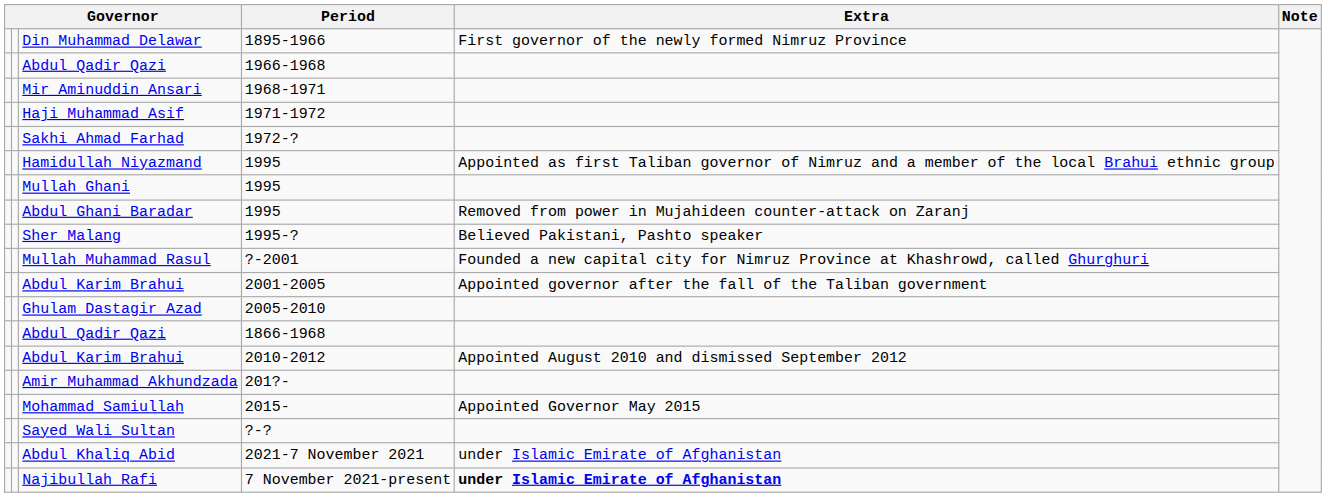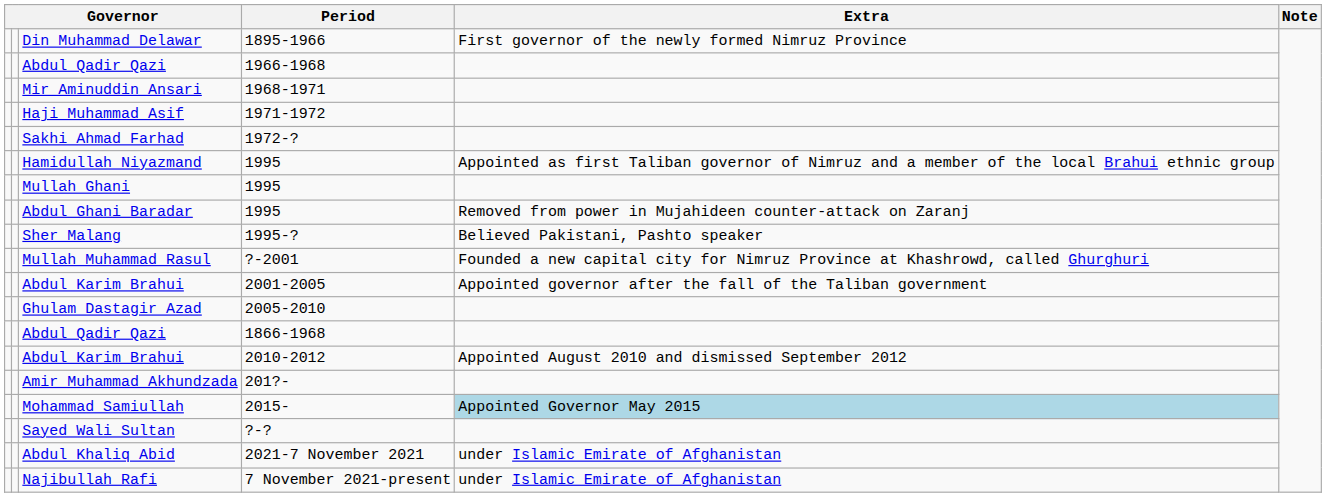 <table class="wikitable">
 <tr>
 <th colspan="3">Governor</th>
 <th>Period</th>
 <th>Extra</th>
 <th>Note</th>
 </tr>
 <tr>
 <td></td>
 <td></td>
 <td><a href='#'>Din Muhammad Delawar</a></td>
 <td>1895-1966</td>
 <td>First governor of the newly formed Nimruz Province</td>
 </tr>
 <tr>
 <td></td>
 <td></td>
 <td><a href='#'>Abdul Qadir Qazi</a></td>
 <td>1966-1968</td>
 <td></td>
 </tr>
 <tr>
 <td></td>
 <td></td>
 <td><a href='#'>Mir Aminuddin Ansari</a></td>
 <td>1968-1971</td>
 <td></td>
 </tr>
 <tr>
 <td></td>
 <td></td>
 <td><a href='#'>Haji Muhammad Asif</a></td>
 <td>1971-1972</td>
 <td></td>
 </tr>
 <tr>
 <td></td>
 <td></td>
 <td><a href='#'>Sakhi Ahmad Farhad</a></td>
 <td>1972-?</td>
 <td></td>
 </tr>
 <tr>
 <td></td>
 <td></td>
 <td><a href='#'>Hamidullah Niyazmand</a></td>
 <td>1995</td>
 <td>Appointed as first Taliban governor of Nimruz and a member of the local <a href='#'>Brahui</a> ethnic group</td>
 </tr>
 <tr>
 <td></td>
 <td></td>
 <td><a href='#'>Mullah Ghani</a></td>
 <td>1995</td>
 <td></td>
 </tr>
 <tr>
 <td></td>
 <td></td>
 <td><a href='#'>Abdul Ghani Baradar</a></td>
 <td>1995</td>
 <td>Removed from power in Mujahideen counter-attack on Zaranj</td>
 </tr>
 <tr>
 <td></td>
 <td></td>
 <td><a href='#'>Sher Malang</a></td>
 <td>1995-?</td>
 <td>Believed Pakistani, Pashto speaker</td>
 </tr>
 <tr>
 <td></td>
 <td></td>
 <td><a href='#'>Mullah Muhammad Rasul</a></td>
 <td>?-2001</td>
 <td>Founded a new capital city for Nimruz Province at Khashrowd, called <a href='#'>Ghurghuri</a></td>
 </tr>
 <tr>
 <td></td>
 <td></td>
 <td><a href='#'>Abdul Karim Brahui</a></td>
 <td>2001-2005</td>
 <td>Appointed governor after the fall of the Taliban government</td>
 </tr>
 <tr>
 <td></td>
 <td></td>
 <td><a href='#'>Ghulam Dastagir Azad</a></td>
 <td>2005-2010</td>
 <td></td>
 </tr>
 <tr>
 <td></td>
 <td></td>
 <td><a href='#'>Abdul Qadir Qazi</a></td>
 <td>1866-1968</td>
 <td></td>
 </tr>
 <tr>
 <td></td>
 <td></td>
 <td><a href='#'>Abdul Karim Brahui</a></td>
 <td>2010-2012</td>
 <td>Appointed August 2010 and dismissed September 2012</td>
 </tr>
 <tr>
 <td></td>
 <td></td>
 <td><a href='#'>Amir Muhammad Akhundzada</a></td>
 <td>201?-</td>
 <td></td>
 </tr>
 <tr>
 <td></td>
 <td></td>
 <td><a href='#'>Mohammad Samiullah</a></td>
 <td>2015-</td>
-<td>Appointed Governor May 2015</td>
+<td style="background: lightblue;">Appointed Governor May 2015</td>
 </tr>
 <tr>
 <td></td>
 <td></td>
 <td><a href='#'>Sayed Wali Sultan</a></td>
 <td>?-?</td>
 <td></td>
 </tr>
 <tr>
 <td></td>
 <td></td>
 <td><a href='#'>Abdul Khaliq Abid</a></td>
 <td>2021-7 November 2021</td>
 <td>under <a href='#'>Islamic Emirate of Afghanistan</a></td>
 </tr>
 <tr>
 <td></td>
 <td></td>
 <td><a href='#'>Najibullah Rafi</a></td>
 <td>7 November 2021-present</td>
-<td><strong>under <a href='#'>Islamic Emirate of Afghanistan</a></strong></td>
+<td>under <a href='#'>Islamic Emirate of Afghanistan</a></td>
 </tr>
 </table>
